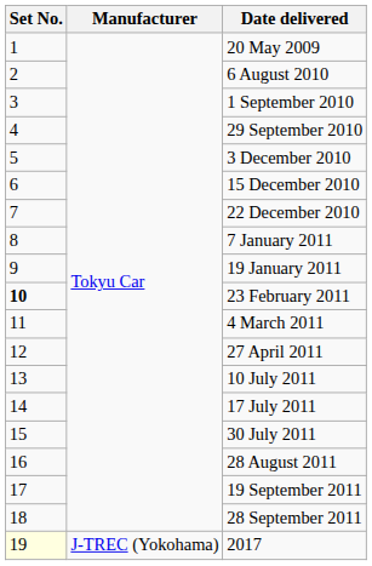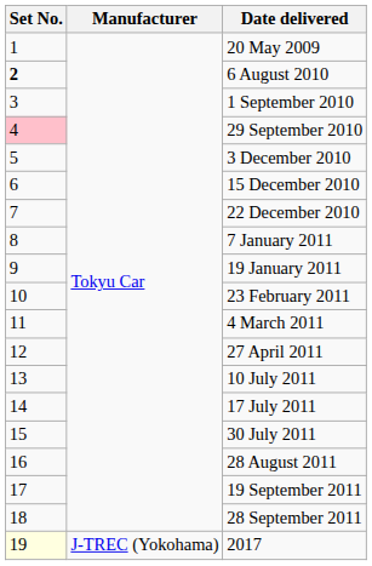 <table class="wikitable">
 <tr>
 <th>Set No.</th>
 <th>Manufacturer</th>
 <th>Date delivered</th>
 </tr>
 <tr>
 <td>1</td>
 <td rowspan="18"><a href='#'>Tokyu Car</a></td>
 <td>20 May 2009</td>
 </tr>
 <tr>
-<td>2</td>
+<td><strong>2</strong></td>
 <td>6 August 2010</td>
 </tr>
 <tr>
 <td>3</td>
 <td>1 September 2010</td>
 </tr>
 <tr>
-<td>4</td>
+<td style="background: pink;">4</td>
 <td>29 September 2010</td>
 </tr>
 <tr>
 <td>5</td>
 <td>3 December 2010</td>
 </tr>
 <tr>
 <td>6</td>
 <td>15 December 2010</td>
 </tr>
 <tr>
 <td>7</td>
 <td>22 December 2010</td>
 </tr>
 <tr>
 <td>8</td>
 <td>7 January 2011</td>
 </tr>
 <tr>
 <td>9</td>
 <td>19 January 2011</td>
 </tr>
 <tr>
-<td><strong>10</strong></td>
+<td>10</td>
 <td>23 February 2011</td>
 </tr>
 <tr>
 <td>11</td>
 <td>4 March 2011</td>
 </tr>
 <tr>
 <td>12</td>
 <td>27 April 2011</td>
 </tr>
 <tr>
 <td>13</td>
 <td>10 July 2011</td>
 </tr>
 <tr>
 <td>14</td>
 <td>17 July 2011</td>
 </tr>
 <tr>
 <td>15</td>
 <td>30 July 2011</td>
 </tr>
 <tr>
 <td>16</td>
 <td>28 August 2011</td>
 </tr>
 <tr>
 <td>17</td>
 <td>19 September 2011</td>
 </tr>
 <tr>
 <td>18</td>
 <td>28 September 2011</td>
 </tr>
 <tr>
 <td style="background: lightyellow;">19</td>
 <td><a href='#'>J-TREC</a> (Yokohama)</td>
 <td>2017</td>
 </tr>
 </table>
